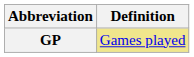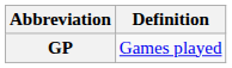 <table class="wikitable">
 <tr>
 <th scope="col">Abbreviation</th>
 <th scope="col">Definition</th>
 </tr>
 <tr>
 <th scope="row">GP</th>
-<td style="background: khaki;"><a href='#'>Games played</a></td>
+<td><a href='#'>Games played</a></td>
 </tr>
 </table>
